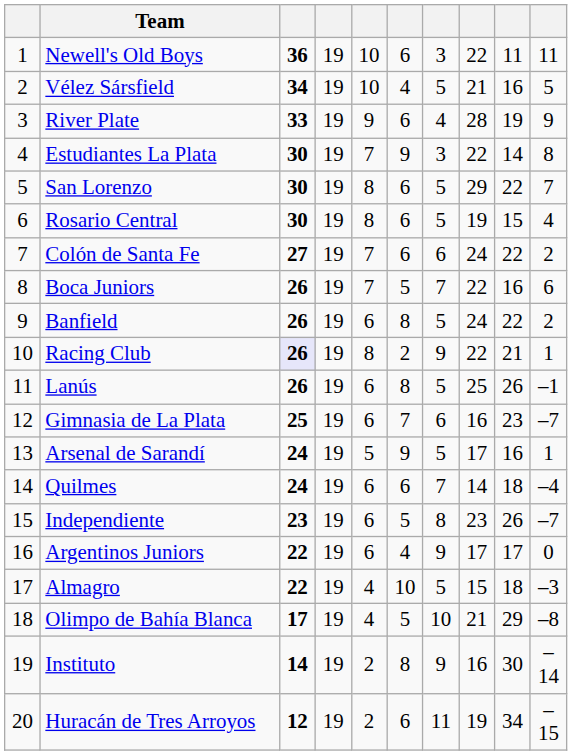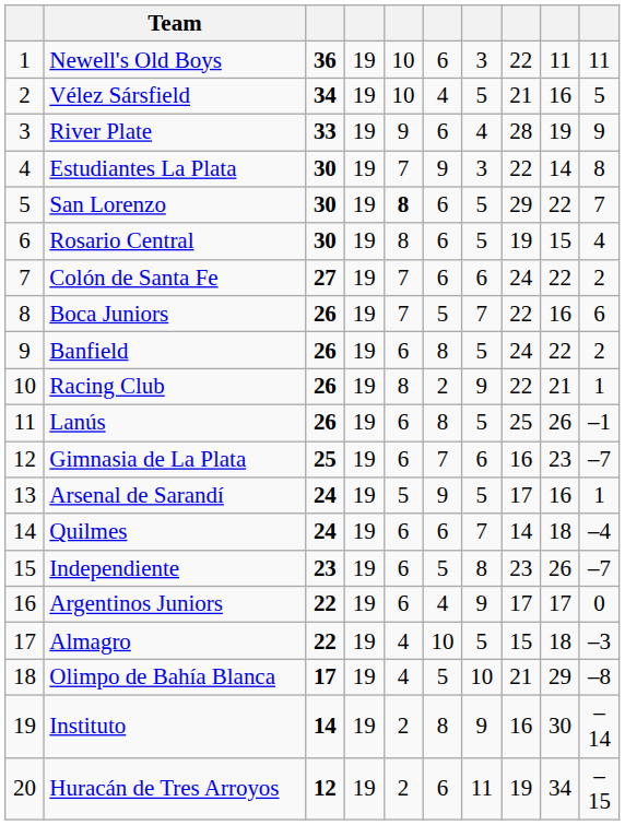 <table class="wikitable" style="text-align:center;">
 <tr>
 <th width="20"></th>
 <th width="175">Team</th>
 <th width="20"></th>
 <th width="20"></th>
 <th width="20"></th>
 <th width="20"></th>
 <th width="20"></th>
 <th width="20"></th>
 <th width="20"></th>
 <th width="20"></th>
 </tr>
 <tr>
 <td>1</td>
 <td align=left><a href='#'>Newell's Old Boys</a></td>
 <td><strong>36</strong></td>
 <td>19</td>
 <td>10</td>
 <td>6</td>
 <td>3</td>
 <td>22</td>
 <td>11</td>
 <td>11</td>
 </tr>
 <tr>
 <td>2</td>
 <td align=left><a href='#'>Vélez Sársfield</a></td>
 <td><strong>34</strong></td>
 <td>19</td>
 <td>10</td>
 <td>4</td>
 <td>5</td>
 <td>21</td>
 <td>16</td>
 <td>5</td>
 </tr>
 <tr>
 <td>3</td>
 <td align=left><a href='#'>River Plate</a></td>
 <td><strong>33</strong></td>
 <td>19</td>
 <td>9</td>
 <td>6</td>
 <td>4</td>
 <td>28</td>
 <td>19</td>
 <td>9</td>
 </tr>
 <tr>
 <td>4</td>
 <td align=left><a href='#'>Estudiantes La Plata</a></td>
 <td><strong>30</strong></td>
 <td>19</td>
 <td>7</td>
 <td>9</td>
 <td>3</td>
 <td>22</td>
 <td>14</td>
 <td>8</td>
 </tr>
 <tr>
 <td>5</td>
 <td align=left><a href='#'>San Lorenzo</a></td>
 <td><strong>30</strong></td>
 <td>19</td>
-<td>8</td>
+<td><strong>8</strong></td>
 <td>6</td>
 <td>5</td>
 <td>29</td>
 <td>22</td>
 <td>7</td>
 </tr>
 <tr>
 <td>6</td>
 <td align=left><a href='#'>Rosario Central</a></td>
 <td><strong>30</strong></td>
 <td>19</td>
 <td>8</td>
 <td>6</td>
 <td>5</td>
 <td>19</td>
 <td>15</td>
 <td>4</td>
 </tr>
 <tr>
 <td>7</td>
 <td align=left><a href='#'>Colón de Santa Fe</a></td>
 <td><strong>27</strong></td>
 <td>19</td>
 <td>7</td>
 <td>6</td>
 <td>6</td>
 <td>24</td>
 <td>22</td>
 <td>2</td>
 </tr>
 <tr>
 <td>8</td>
 <td align=left><a href='#'>Boca Juniors</a></td>
 <td><strong>26</strong></td>
 <td>19</td>
 <td>7</td>
 <td>5</td>
 <td>7</td>
 <td>22</td>
 <td>16</td>
 <td>6</td>
 </tr>
 <tr>
 <td>9</td>
 <td align=left><a href='#'>Banfield</a></td>
 <td><strong>26</strong></td>
 <td>19</td>
 <td>6</td>
 <td>8</td>
 <td>5</td>
 <td>24</td>
 <td>22</td>
 <td>2</td>
 </tr>
 <tr>
 <td>10</td>
 <td align=left><a href='#'>Racing Club</a></td>
-<td style="background: lavender;"><strong>26</strong></td>
+<td><strong>26</strong></td>
 <td>19</td>
 <td>8</td>
 <td>2</td>
 <td>9</td>
 <td>22</td>
 <td>21</td>
 <td>1</td>
 </tr>
 <tr>
 <td>11</td>
 <td align=left><a href='#'>Lanús</a></td>
 <td><strong>26</strong></td>
 <td>19</td>
 <td>6</td>
 <td>8</td>
 <td>5</td>
 <td>25</td>
 <td>26</td>
 <td>–1</td>
 </tr>
 <tr>
 <td>12</td>
 <td align=left><a href='#'>Gimnasia de La Plata</a></td>
 <td><strong>25</strong></td>
 <td>19</td>
 <td>6</td>
 <td>7</td>
 <td>6</td>
 <td>16</td>
 <td>23</td>
 <td>–7</td>
 </tr>
 <tr>
 <td>13</td>
 <td align=left><a href='#'>Arsenal de Sarandí</a></td>
 <td><strong>24</strong></td>
 <td>19</td>
 <td>5</td>
 <td>9</td>
 <td>5</td>
 <td>17</td>
 <td>16</td>
 <td>1</td>
 </tr>
 <tr>
 <td>14</td>
 <td align=left><a href='#'>Quilmes</a></td>
 <td><strong>24</strong></td>
 <td>19</td>
 <td>6</td>
 <td>6</td>
 <td>7</td>
 <td>14</td>
 <td>18</td>
 <td>–4</td>
 </tr>
 <tr>
 <td>15</td>
 <td align=left><a href='#'>Independiente</a></td>
 <td><strong>23</strong></td>
 <td>19</td>
 <td>6</td>
 <td>5</td>
 <td>8</td>
 <td>23</td>
 <td>26</td>
 <td>–7</td>
 </tr>
 <tr>
 <td>16</td>
 <td align=left><a href='#'>Argentinos Juniors</a></td>
 <td><strong>22</strong></td>
 <td>19</td>
 <td>6</td>
 <td>4</td>
 <td>9</td>
 <td>17</td>
 <td>17</td>
 <td>0</td>
 </tr>
 <tr>
 <td>17</td>
 <td align=left><a href='#'>Almagro</a></td>
 <td><strong>22</strong></td>
 <td>19</td>
 <td>4</td>
 <td>10</td>
 <td>5</td>
 <td>15</td>
 <td>18</td>
 <td>–3</td>
 </tr>
 <tr>
 <td>18</td>
 <td align=left><a href='#'>Olimpo de Bahía Blanca</a></td>
 <td><strong>17</strong></td>
 <td>19</td>
 <td>4</td>
 <td>5</td>
 <td>10</td>
 <td>21</td>
 <td>29</td>
 <td>–8</td>
 </tr>
 <tr>
 <td>19</td>
 <td align=left><a href='#'>Instituto</a></td>
 <td><strong>14</strong></td>
 <td>19</td>
 <td>2</td>
 <td>8</td>
 <td>9</td>
 <td>16</td>
 <td>30</td>
 <td>–14</td>
 </tr>
 <tr>
 <td>20</td>
 <td align=left><a href='#'>Huracán de Tres Arroyos</a></td>
 <td><strong>12</strong></td>
 <td>19</td>
 <td>2</td>
 <td>6</td>
 <td>11</td>
 <td>19</td>
 <td>34</td>
 <td>–15</td>
 </tr>
 </table>
